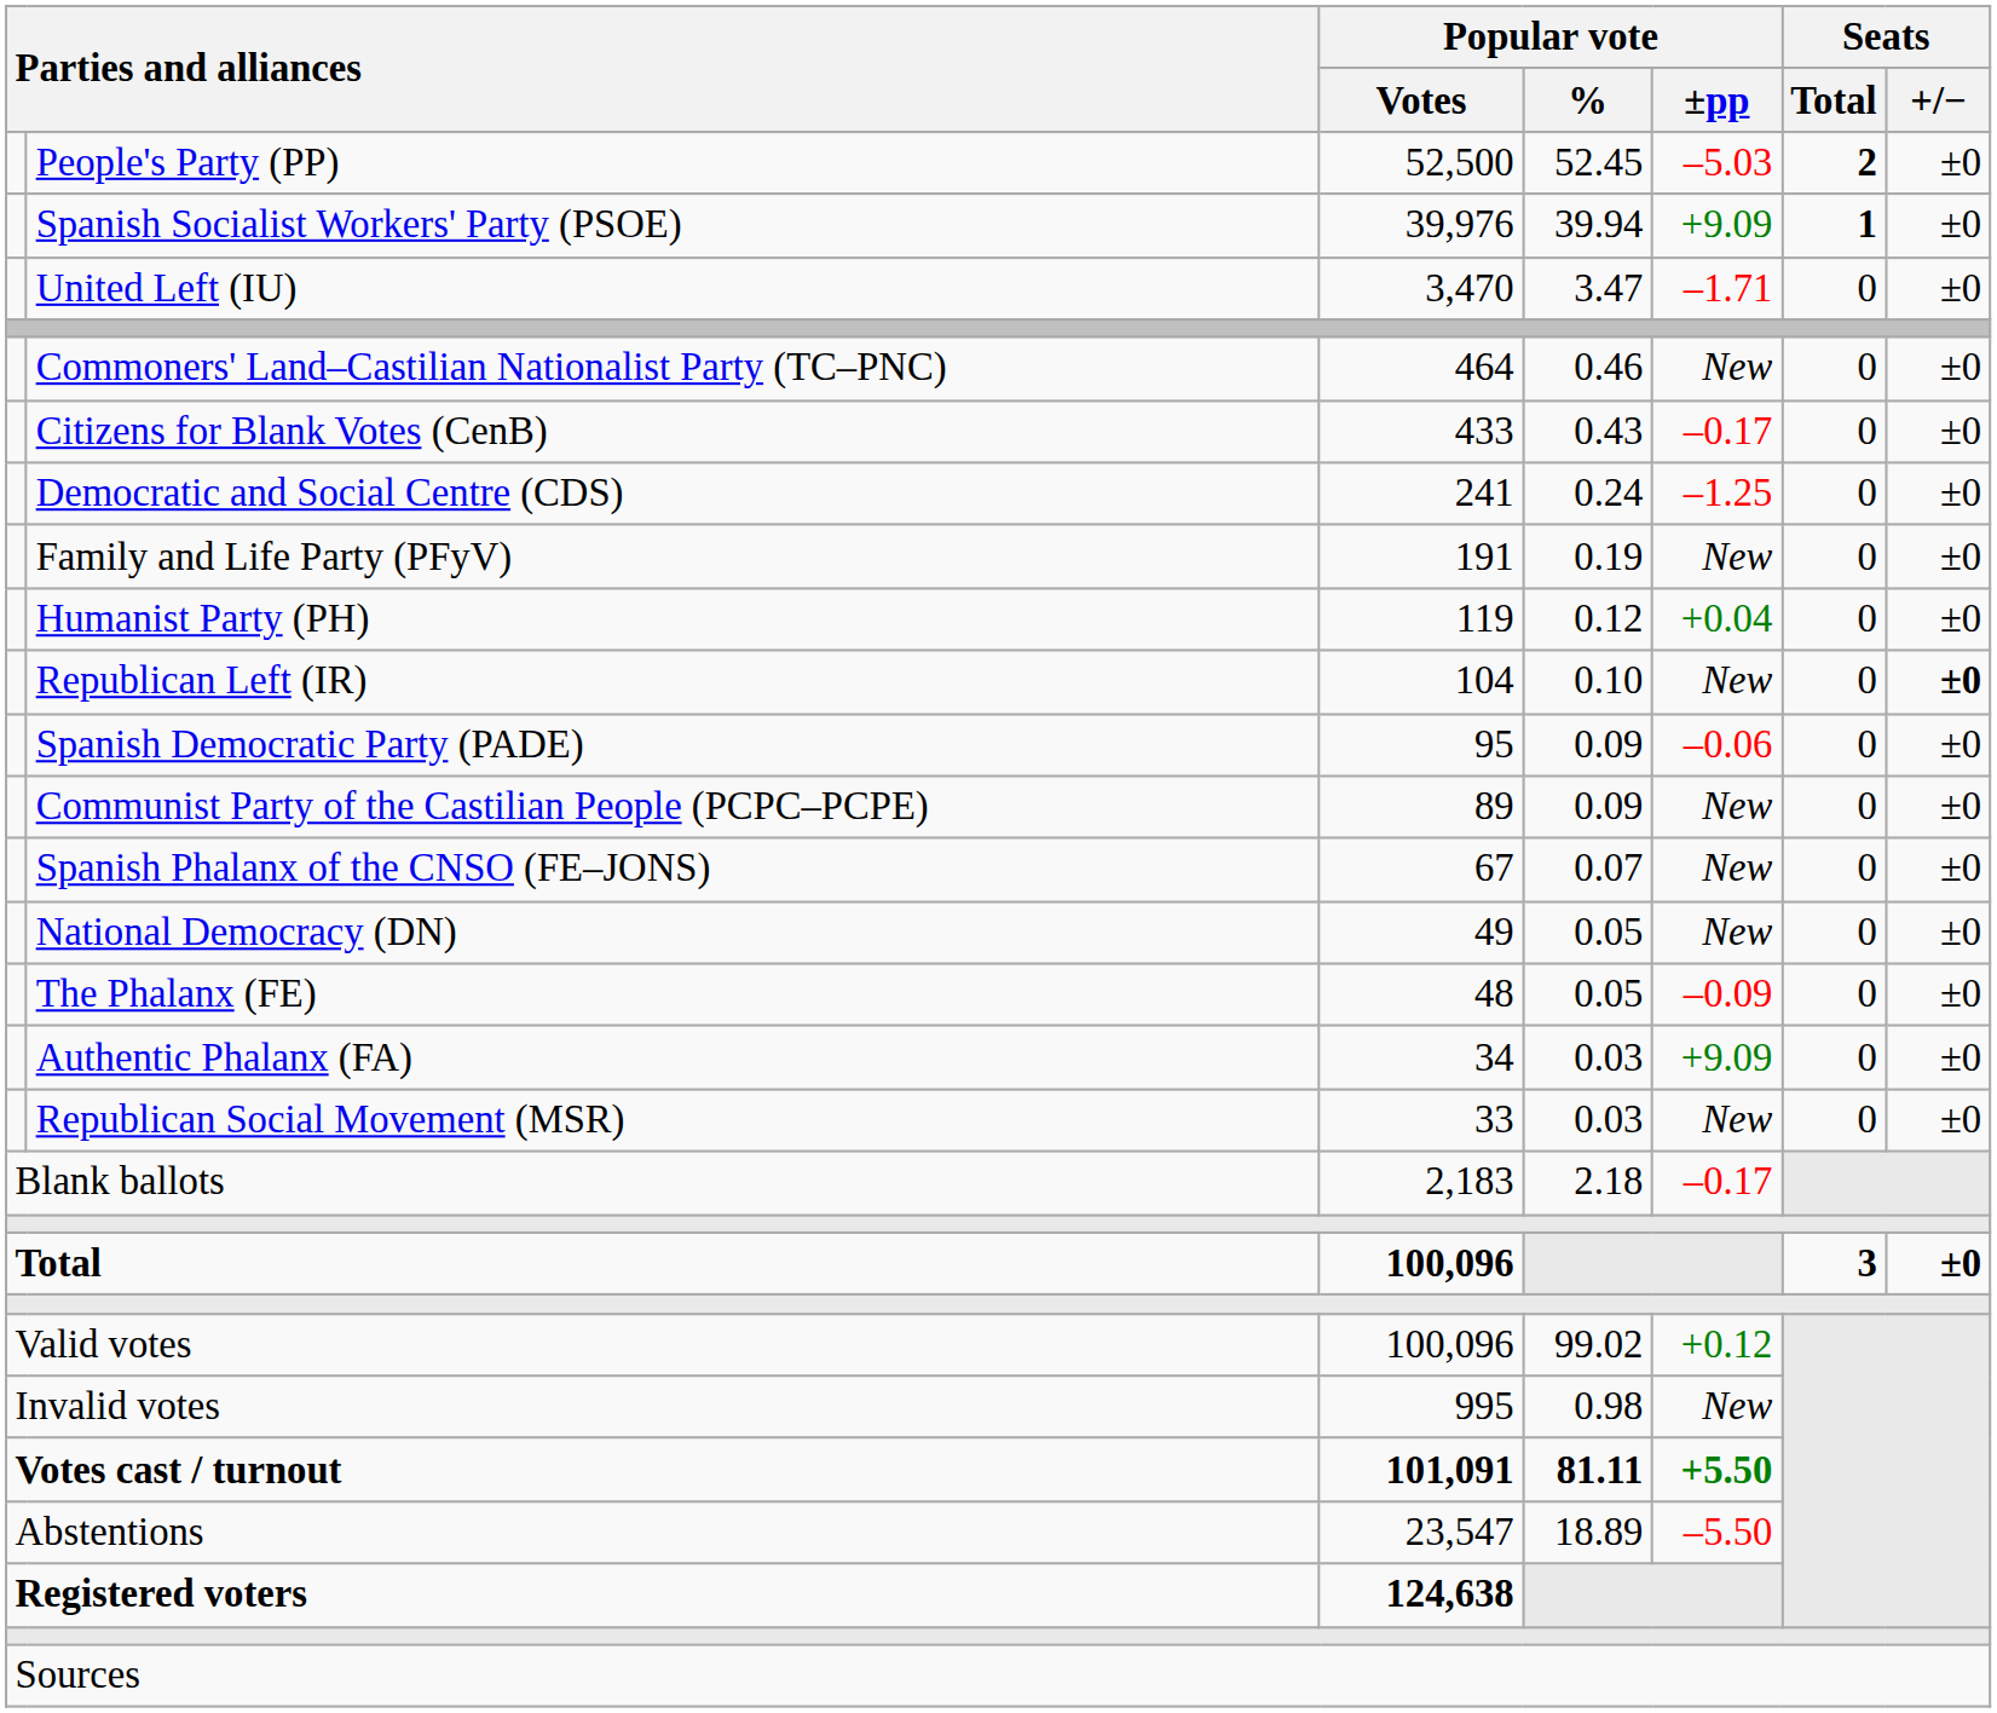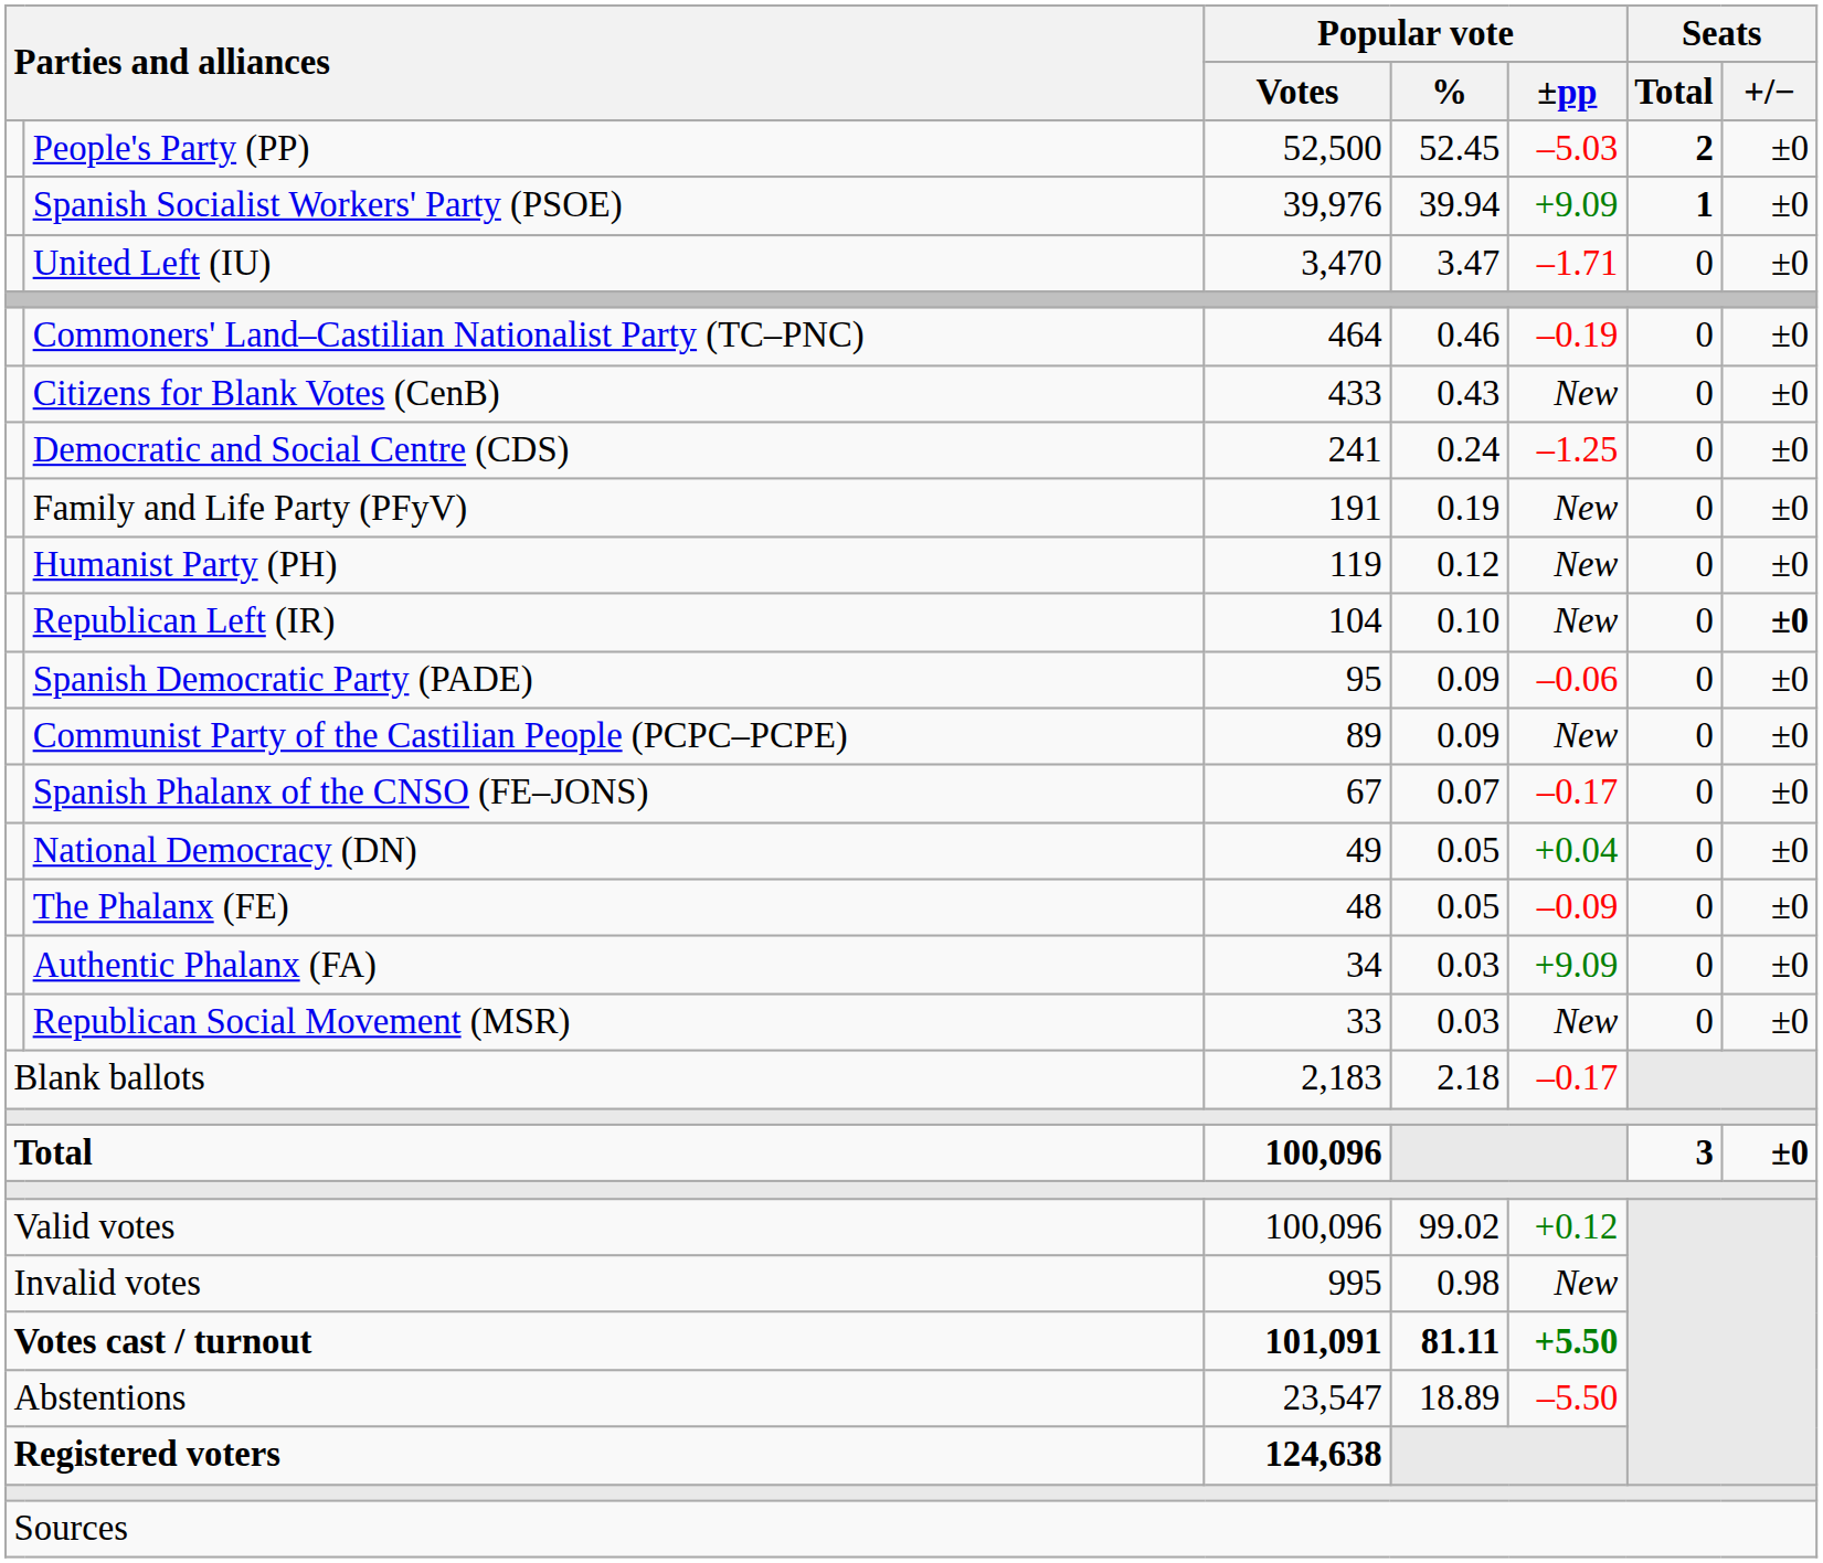 <table class="wikitable" style="text-align:right;">
 <tr>
 <th style="text-align:left;" rowspan="2" colspan="2" width="525">Parties and alliances</th>
 <th colspan="3">Popular vote</th>
 <th colspan="2">Seats</th>
 </tr>
 <tr>
 <th width="75">Votes</th>
 <th width="45">%</th>
 <th width="45">±<a href='#'>pp</a></th>
 <th width="35">Total</th>
 <th width="35">+/−</th>
 </tr>
 <tr>
 <td width="1" style="color:inherit;background:"></td>
 <td align="left"><a href='#'>People's Party</a> (PP)</td>
 <td>52,500</td>
 <td>52.45</td>
 <td style="color:red;">–5.03</td>
 <td><strong>2</strong></td>
 <td>±0</td>
 </tr>
 <tr>
 <td style="color:inherit;background:"></td>
 <td align="left"><a href='#'>Spanish Socialist Workers' Party</a> (PSOE)</td>
 <td>39,976</td>
 <td>39.94</td>
 <td style="color:green;">+9.09</td>
 <td><strong>1</strong></td>
 <td>±0</td>
 </tr>
 <tr>
 <td style="color:inherit;background:"></td>
 <td align="left"><a href='#'>United Left</a> (IU)</td>
 <td>3,470</td>
 <td>3.47</td>
 <td style="color:red;">–1.71</td>
 <td>0</td>
 <td>±0</td>
 </tr>
 <tr>
 <td colspan="7" bgcolor="#C0C0C0"></td>
 </tr>
 <tr>
 <td style="color:inherit;background:"></td>
 <td align="left"><a href='#'>Commoners' Land–Castilian Nationalist Party</a> (TC–PNC)</td>
 <td>464</td>
 <td>0.46</td>
-<td><em>New</em></td>
+<td style="color:red;">–0.19</td>
 <td>0</td>
 <td>±0</td>
 </tr>
 <tr>
 <td style="color:inherit;background:"></td>
 <td align="left"><a href='#'>Citizens for Blank Votes</a> (CenB)</td>
 <td>433</td>
 <td>0.43</td>
-<td style="color:red;">–0.17</td>
+<td><em>New</em></td>
 <td>0</td>
 <td>±0</td>
 </tr>
 <tr>
 <td style="color:inherit;background:"></td>
 <td align="left"><a href='#'>Democratic and Social Centre</a> (CDS)</td>
 <td>241</td>
 <td>0.24</td>
 <td style="color:red;">–1.25</td>
 <td>0</td>
 <td>±0</td>
 </tr>
 <tr>
 <td style="color:inherit;background:"></td>
 <td align="left">Family and Life Party (PFyV)</td>
 <td>191</td>
 <td>0.19</td>
 <td><em>New</em></td>
 <td>0</td>
 <td>±0</td>
 </tr>
 <tr>
 <td style="color:inherit;background:"></td>
 <td align="left"><a href='#'>Humanist Party</a> (PH)</td>
 <td>119</td>
 <td>0.12</td>
-<td style="color:green;">+0.04</td>
+<td><em>New</em></td>
 <td>0</td>
 <td>±0</td>
 </tr>
 <tr>
 <td style="color:inherit;background:"></td>
 <td align="left"><a href='#'>Republican Left</a> (IR)</td>
 <td>104</td>
 <td>0.10</td>
 <td><em>New</em></td>
 <td>0</td>
 <td><strong>±0</strong></td>
 </tr>
 <tr>
 <td style="color:inherit;background:"></td>
 <td align="left"><a href='#'>Spanish Democratic Party</a> (PADE)</td>
 <td>95</td>
 <td>0.09</td>
 <td style="color:red;">–0.06</td>
 <td>0</td>
 <td>±0</td>
 </tr>
 <tr>
 <td style="color:inherit;background:"></td>
 <td align="left"><a href='#'>Communist Party of the Castilian People</a> (PCPC–PCPE)</td>
 <td>89</td>
 <td>0.09</td>
 <td><em>New</em></td>
 <td>0</td>
 <td>±0</td>
 </tr>
 <tr>
 <td style="color:inherit;background:"></td>
 <td align="left"><a href='#'>Spanish Phalanx of the CNSO</a> (FE–JONS)</td>
 <td>67</td>
 <td>0.07</td>
-<td><em>New</em></td>
+<td style="color:red;">–0.17</td>
 <td>0</td>
 <td>±0</td>
 </tr>
 <tr>
 <td style="color:inherit;background:"></td>
 <td align="left"><a href='#'>National Democracy</a> (DN)</td>
 <td>49</td>
 <td>0.05</td>
-<td><em>New</em></td>
+<td style="color:green;">+0.04</td>
 <td>0</td>
 <td>±0</td>
 </tr>
 <tr>
 <td style="color:inherit;background:"></td>
 <td align="left"><a href='#'>The Phalanx</a> (FE)</td>
 <td>48</td>
 <td>0.05</td>
 <td style="color:red;">–0.09</td>
 <td>0</td>
 <td>±0</td>
 </tr>
 <tr>
 <td style="color:inherit;background:"></td>
 <td align="left"><a href='#'>Authentic Phalanx</a> (FA)</td>
 <td>34</td>
 <td>0.03</td>
 <td style="color:green;">+9.09</td>
 <td>0</td>
 <td>±0</td>
 </tr>
 <tr>
 <td style="color:inherit;background:"></td>
 <td align="left"><a href='#'>Republican Social Movement</a> (MSR)</td>
 <td>33</td>
 <td>0.03</td>
 <td><em>New</em></td>
 <td>0</td>
 <td>±0</td>
 </tr>
 <tr>
 <td align="left" colspan="2">Blank ballots</td>
 <td>2,183</td>
 <td>2.18</td>
 <td style="color:red;">–0.17</td>
 <td bgcolor="#E9E9E9" colspan="2"></td>
 </tr>
 <tr>
 <td colspan="7" bgcolor="#E9E9E9"></td>
 </tr>
 <tr style="font-weight:bold;">
 <td align="left" colspan="2">Total</td>
 <td>100,096</td>
 <td bgcolor="#E9E9E9" colspan="2"></td>
 <td>3</td>
 <td>±0</td>
 </tr>
 <tr>
 <td colspan="7" bgcolor="#E9E9E9"></td>
 </tr>
 <tr>
 <td align="left" colspan="2">Valid votes</td>
 <td>100,096</td>
 <td>99.02</td>
 <td style="color:green;">+0.12</td>
 <td bgcolor="#E9E9E9" colspan="2" rowspan="5"></td>
 </tr>
 <tr>
 <td align="left" colspan="2">Invalid votes</td>
 <td>995</td>
 <td>0.98</td>
 <td><em>New</em></td>
 </tr>
 <tr style="font-weight:bold;">
 <td align="left" colspan="2">Votes cast / turnout</td>
 <td>101,091</td>
 <td>81.11</td>
 <td style="color:green;">+5.50</td>
 </tr>
 <tr>
 <td align="left" colspan="2">Abstentions</td>
 <td>23,547</td>
 <td>18.89</td>
 <td style="color:red;">–5.50</td>
 </tr>
 <tr style="font-weight:bold;">
 <td align="left" colspan="2">Registered voters</td>
 <td>124,638</td>
 <td bgcolor="#E9E9E9" colspan="2"></td>
 </tr>
 <tr>
 <td colspan="7" bgcolor="#E9E9E9"></td>
 </tr>
 <tr>
 <td align="left" colspan="7">Sources</td>
 </tr>
 </table>
